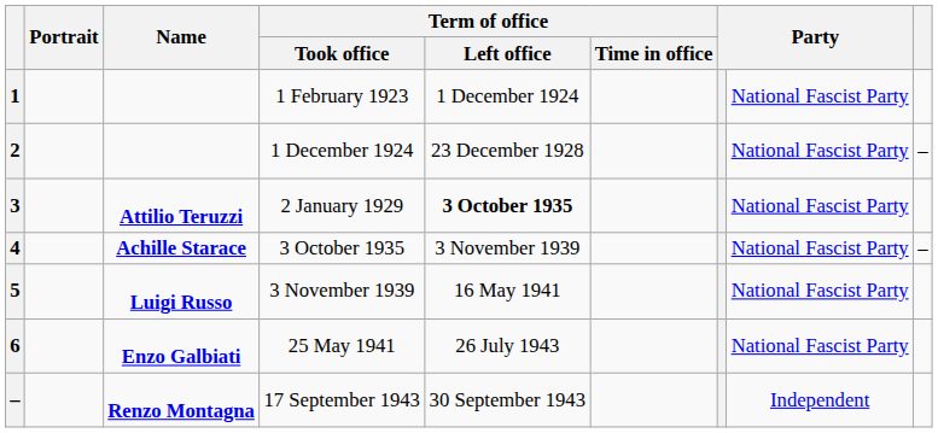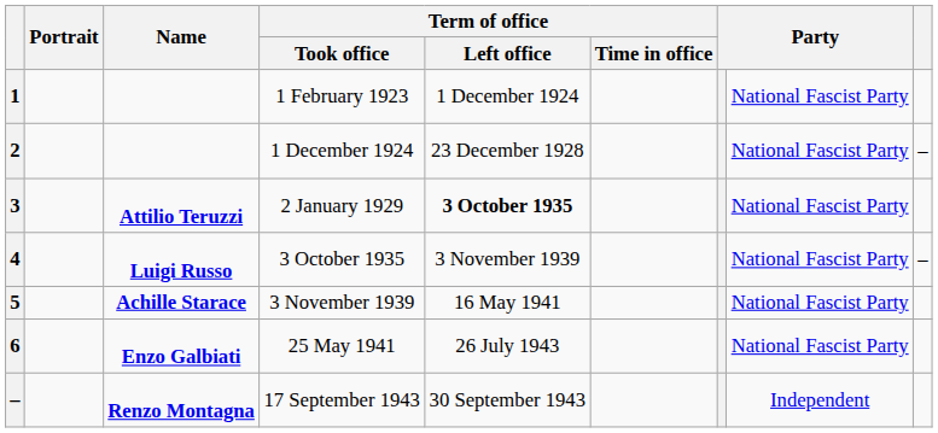 <table class="wikitable" style="text-align:center;">
 <tr>
 <th rowspan=2></th>
 <th rowspan=2>Portrait</th>
 <th rowspan=2>Name<br></th>
 <th colspan=3>Term of office</th>
 <th colspan=2 rowspan=2>Party</th>
 <th rowspan=2></th>
 </tr>
 <tr>
 <th>Took office</th>
 <th>Left office</th>
 <th>Time in office</th>
 </tr>
 <tr>
 <th>1</th>
 <td></td>
 <td><br><strong></strong><br></td>
 <td>1 February 1923</td>
 <td>1 December 1924</td>
 <td></td>
 <th style="background:"></th>
 <td><a href='#'>National Fascist Party</a></td>
 <td></td>
 </tr>
 <tr>
 <th>2</th>
 <td></td>
 <td><br><strong></strong><br></td>
 <td>1 December 1924</td>
 <td>23 December 1928</td>
 <td></td>
 <th style="background:"></th>
 <td><a href='#'>National Fascist Party</a></td>
 <td>–</td>
 </tr>
 <tr>
 <th>3</th>
 <td></td>
 <td><br><strong><a href='#'>Attilio Teruzzi</a></strong><br></td>
 <td>2 January 1929</td>
 <td><strong>3 October 1935</strong></td>
 <td></td>
 <th style="background:"></th>
 <td><a href='#'>National Fascist Party</a></td>
 <td></td>
 </tr>
 <tr>
 <th>4</th>
 <td></td>
-<td><strong><a href='#'>Achille Starace</a></strong><br></td>
+<td><br><strong><a href='#'>Luigi Russo</a></strong><br></td>
 <td>3 October 1935</td>
 <td>3 November 1939</td>
 <td></td>
 <th style="background:"></th>
 <td><a href='#'>National Fascist Party</a></td>
 <td>–</td>
 </tr>
 <tr>
 <th>5</th>
 <td></td>
-<td><br><strong><a href='#'>Luigi Russo</a></strong><br></td>
+<td><strong><a href='#'>Achille Starace</a></strong><br></td>
 <td>3 November 1939</td>
 <td>16 May 1941</td>
 <td></td>
 <th style="background:"></th>
 <td><a href='#'>National Fascist Party</a></td>
 <td></td>
 </tr>
 <tr>
 <th>6</th>
 <td></td>
 <td><br><strong><a href='#'>Enzo Galbiati</a></strong><br></td>
 <td>25 May 1941</td>
 <td>26 July 1943</td>
 <td></td>
 <th style="background:"></th>
 <td><a href='#'>National Fascist Party</a></td>
 <td></td>
 </tr>
 <tr>
 <th>–</th>
 <td></td>
 <td><br><strong><a href='#'>Renzo Montagna</a></strong><br></td>
 <td>17 September 1943</td>
 <td>30 September 1943</td>
 <td></td>
 <th style="background:"></th>
 <td><a href='#'>Independent</a></td>
 <td></td>
 </tr>
 </table>
